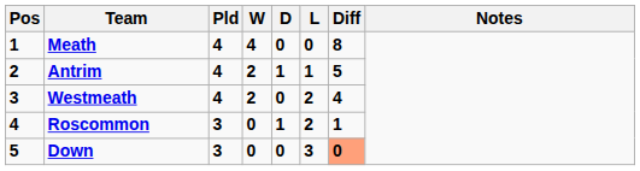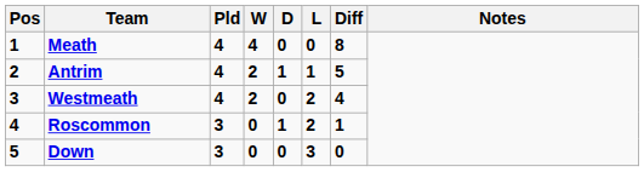 <table class="wikitable" style="text-align: centre;">
 <tr>
 <th width=20>Pos</th>
 <th width=150>Team</th>
 <th width=20>Pld</th>
 <th width=20>W</th>
 <th width=20>D</th>
 <th width=20>L</th>
 <th width=20>Diff</th>
 <th width=250>Notes</th>
 </tr>
 <tr>
 <td><strong>1</strong></td>
 <td align=left><strong> <a href='#'>Meath</a> </strong></td>
 <td><strong>4</strong></td>
 <td><strong>4</strong></td>
 <td><strong>0</strong></td>
 <td><strong>0</strong></td>
 <td><strong>8</strong></td>
 </tr>
 <tr style>
 <td><strong>2</strong></td>
 <td align=left><strong> <a href='#'>Antrim</a> </strong></td>
 <td><strong>4</strong></td>
 <td><strong>2</strong></td>
 <td><strong>1</strong></td>
 <td><strong>1</strong></td>
 <td><strong>5</strong></td>
 </tr>
 <tr>
 <td><strong>3</strong></td>
 <td align=left><strong> <a href='#'>Westmeath</a> </strong></td>
 <td><strong>4</strong></td>
 <td><strong>2</strong></td>
 <td><strong>0</strong></td>
 <td><strong>2</strong></td>
 <td><strong>4</strong></td>
 </tr>
 <tr>
 <td><strong>4</strong></td>
 <td align=left><strong> <a href='#'>Roscommon</a> </strong></td>
 <td><strong>3</strong></td>
 <td><strong>0</strong></td>
 <td><strong>1</strong></td>
 <td><strong>2</strong></td>
 <td><strong>1</strong></td>
 </tr>
 <tr>
 <td><strong>5</strong></td>
 <td align=left><strong> <a href='#'>Down</a> </strong></td>
 <td><strong>3</strong></td>
 <td><strong>0</strong></td>
 <td><strong>0</strong></td>
 <td><strong>3</strong></td>
-<td style="background: lightsalmon;"><strong>0</strong></td>
+<td><strong>0</strong></td>
 </tr>
 </table>
